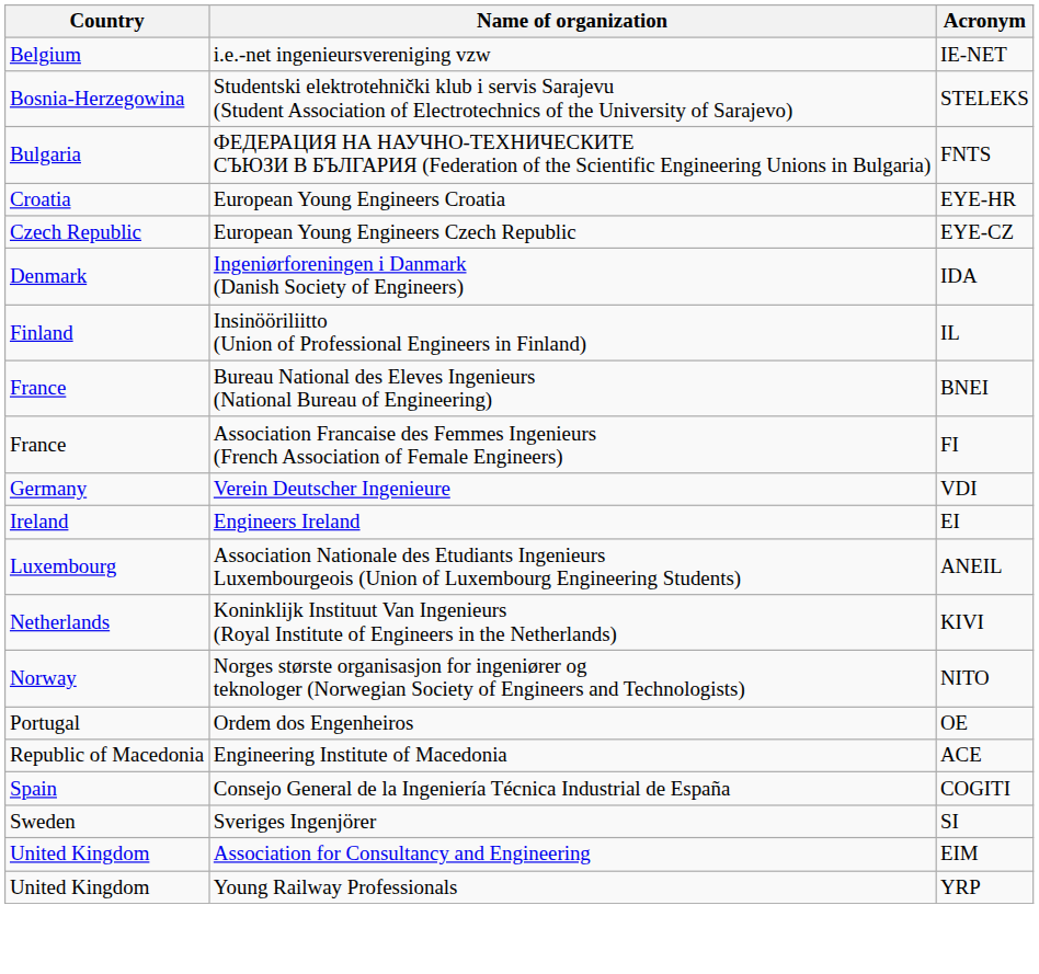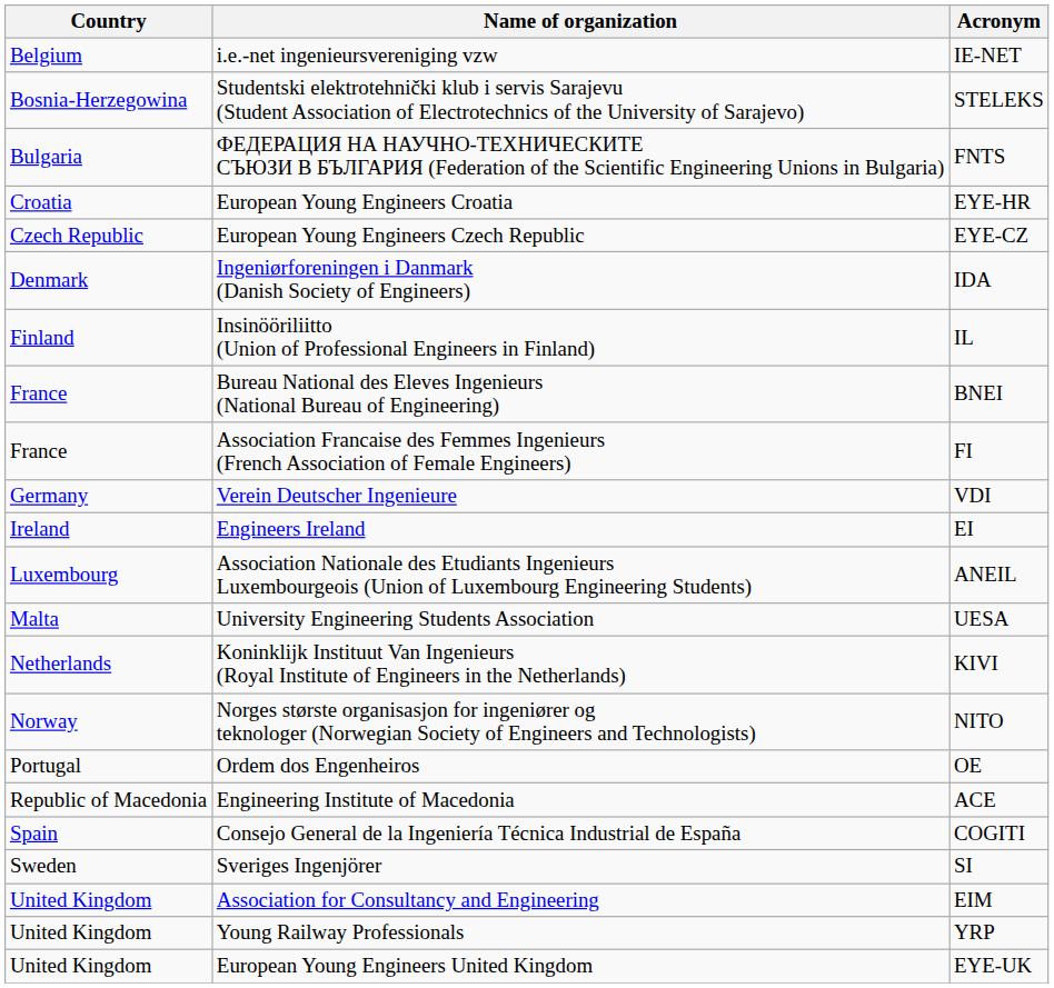 <table class="wikitable">
 <tr>
 <th>Country</th>
 <th>Name of organization</th>
 <th>Acronym</th>
 </tr>
 <tr>
 <td><a href='#'>Belgium</a></td>
 <td>i.e.-net ingenieursvereniging vzw</td>
 <td>IE-NET</td>
 </tr>
 <tr>
 <td><a href='#'>Bosnia-Herzegowina</a></td>
 <td>Studentski elektrotehnički klub i servis Sarajevu<br>(Student Association of Electrotechnics of the University of Sarajevo)</td>
 <td>STELEKS</td>
 </tr>
 <tr>
 <td><a href='#'>Bulgaria</a></td>
 <td>ФЕДЕРАЦИЯ НА НАУЧНО-ТЕХНИЧЕСКИТЕ<br>СЪЮЗИ В БЪЛГАРИЯ (Federation of the Scientific Engineering Unions in Bulgaria)</td>
 <td>FNTS</td>
 </tr>
 <tr>
 <td><a href='#'>Croatia</a></td>
 <td>European Young Engineers Croatia</td>
 <td>EYE-HR</td>
 </tr>
 <tr>
 <td><a href='#'>Czech Republic</a></td>
 <td>European Young Engineers Czech Republic</td>
 <td>EYE-CZ</td>
 </tr>
 <tr>
 <td><a href='#'>Denmark</a></td>
 <td><a href='#'>Ingeniørforeningen i Danmark</a><br>(Danish Society of Engineers)</td>
 <td>IDA</td>
 </tr>
 <tr>
 <td><a href='#'>Finland</a></td>
 <td>Insinööriliitto<br>(Union of Professional Engineers in Finland)</td>
 <td>IL</td>
 </tr>
 <tr>
 <td><a href='#'>France</a></td>
 <td>Bureau National des Eleves Ingenieurs<br>(National Bureau of Engineering)</td>
 <td>BNEI</td>
 </tr>
 <tr>
 <td>France</td>
 <td>Association Francaise des Femmes Ingenieurs<br>(French Association of Female Engineers)</td>
 <td>FI</td>
 </tr>
 <tr>
 <td><a href='#'>Germany</a></td>
 <td><a href='#'>Verein Deutscher Ingenieure</a></td>
 <td>VDI</td>
 </tr>
 <tr>
 <td><a href='#'>Ireland</a></td>
 <td><a href='#'>Engineers Ireland</a></td>
 <td>EI</td>
 </tr>
 <tr>
 <td><a href='#'>Luxembourg</a></td>
 <td>Association Nationale des Etudiants Ingenieurs<br>Luxembourgeois (Union of Luxembourg Engineering Students)</td>
 <td>ANEIL</td>
 </tr>
 <tr>
+<td><a href='#'>Malta</a></td>
+<td>University Engineering Students Association</td>
+<td>UESA</td>
+</tr>
+<tr>
 <td><a href='#'>Netherlands</a></td>
 <td>Koninklijk Instituut Van Ingenieurs<br>(Royal Institute of Engineers in the Netherlands)</td>
 <td>KIVI</td>
 </tr>
 <tr>
 <td><a href='#'>Norway</a></td>
 <td>Norges største organisasjon for ingeniører og<br>teknologer (Norwegian Society of Engineers and Technologists)</td>
 <td>NITO</td>
 </tr>
 <tr>
 <td>Portugal</td>
 <td>Ordem dos Engenheiros</td>
 <td>OE</td>
 </tr>
 <tr>
 <td>Republic of Macedonia</td>
 <td>Engineering Institute of Macedonia</td>
 <td>ACE</td>
 </tr>
 <tr>
 <td><a href='#'>Spain</a></td>
 <td>Consejo General de la Ingeniería Técnica Industrial de España</td>
 <td>COGITI</td>
 </tr>
 <tr>
 <td>Sweden</td>
 <td>Sveriges Ingenjörer</td>
 <td>SI</td>
 </tr>
 <tr>
 <td><a href='#'>United Kingdom</a></td>
 <td><a href='#'>Association for Consultancy and Engineering</a></td>
 <td>EIM</td>
 </tr>
 <tr>
 <td>United Kingdom</td>
 <td>Young Railway Professionals</td>
 <td>YRP</td>
 </tr>
+<tr>
+<td>United Kingdom</td>
+<td>European Young Engineers United Kingdom </td>
+<td>EYE-UK</td>
+</tr>
 </table>
